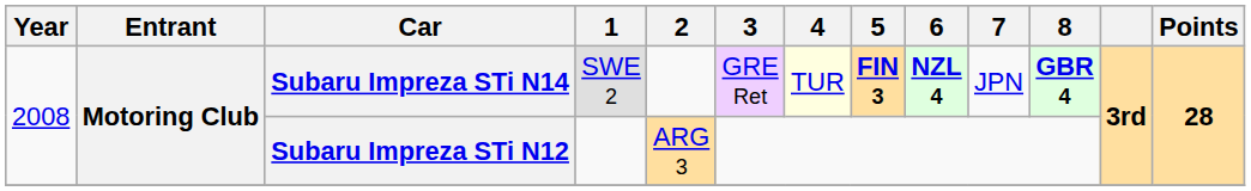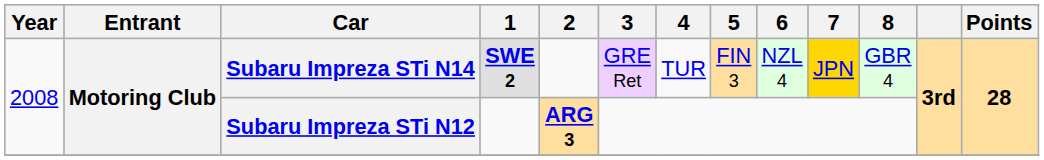 <table class="wikitable" border="1" style="text-align:center; font-size:85%;">
 <tr>
 <th>Year</th>
 <th>Entrant</th>
 <th>Car</th>
 <th>1</th>
 <th>2</th>
 <th>3</th>
 <th>4</th>
 <th>5</th>
 <th>6</th>
 <th>7</th>
 <th>8</th>
 <th></th>
 <th>Points</th>
 </tr>
 <tr>
 <td rowspan="2"><a href='#'>2008</a></td>
 <th rowspan="2" nowrap>Motoring Club</th>
 <th nowrap><a href='#'>Subaru Impreza STi N14</a></th>
-<td style="background:#DFDFDF;"><a href='#'>SWE</a><br><small>2</small></td>
+<td style="background:#DFDFDF;"><strong><a href='#'>SWE</a><br><small>2</small></strong></td>
 <td></td>
 <td style="background:#EFCFFF;"><a href='#'>GRE</a><br><small>Ret</small></td>
-<td style="background: lightyellow;"><a href='#'>TUR</a></td>
-<td style="background:#FFDF9F;"><strong><a href='#'>FIN</a><br><small>3</small></strong></td>
-<td style="background:#DFFFDF;"><strong><a href='#'>NZL</a><br><small>4</small></strong></td>
-<td><a href='#'>JPN</a></td>
-<td style="background:#DFFFDF;"><strong><a href='#'>GBR</a><br><small>4</small></strong></td>
+<td><a href='#'>TUR</a></td>
+<td style="background:#FFDF9F;"><a href='#'>FIN</a><br><small>3</small></td>
+<td style="background:#DFFFDF;"><a href='#'>NZL</a><br><small>4</small></td>
+<td style="background: gold;"><a href='#'>JPN</a></td>
+<td style="background:#DFFFDF;"><a href='#'>GBR</a><br><small>4</small></td>
 <td rowspan="2" style="background:#FFDF9F;"><strong>3rd</strong></td>
 <td rowspan="2" style="background:#FFDF9F;"><strong>28</strong></td>
 </tr>
 <tr>
 <th nowrap><a href='#'>Subaru Impreza STi N12</a></th>
 <td></td>
-<td style="background:#FFDF9F;"><a href='#'>ARG</a><br><small>3</small></td>
+<td style="background:#FFDF9F;"><strong><a href='#'>ARG</a><br><small>3</small></strong></td>
 <td colspan=6></td>
 </tr>
 <tr>
 </tr>
 </table>
